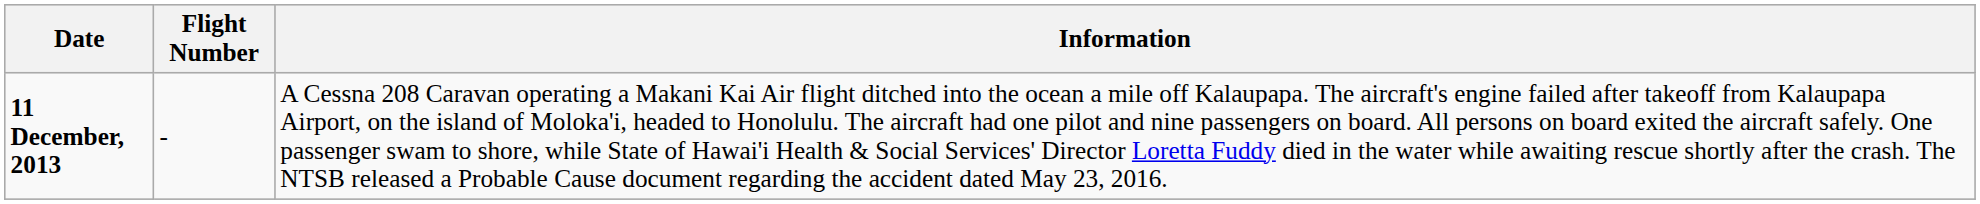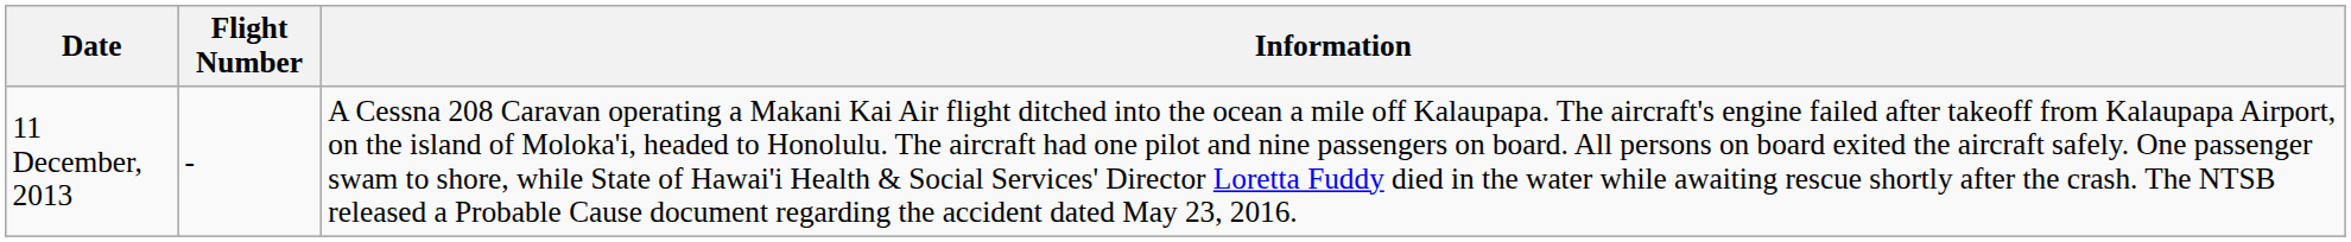 <table class="wikitable">
 <tr>
 <th>Date</th>
 <th>Flight Number</th>
 <th>Information</th>
 </tr>
 <tr>
-<td><strong>11 December, 2013</strong></td>
+<td>11 December, 2013</td>
 <td>-</td>
 <td>A Cessna 208 Caravan operating a Makani Kai Air flight ditched into the ocean a mile off Kalaupapa. The aircraft's engine failed after takeoff from Kalaupapa Airport, on the island of Moloka'i, headed to Honolulu. The aircraft had one pilot and nine passengers on board. All persons on board exited the aircraft safely. One passenger swam to shore, while State of Hawai'i Health & Social Services' Director <a href='#'>Loretta Fuddy</a> died in the water while awaiting rescue shortly after the crash. The NTSB released a Probable Cause document regarding the accident dated May 23, 2016.</td>
 </tr>
 </table>
